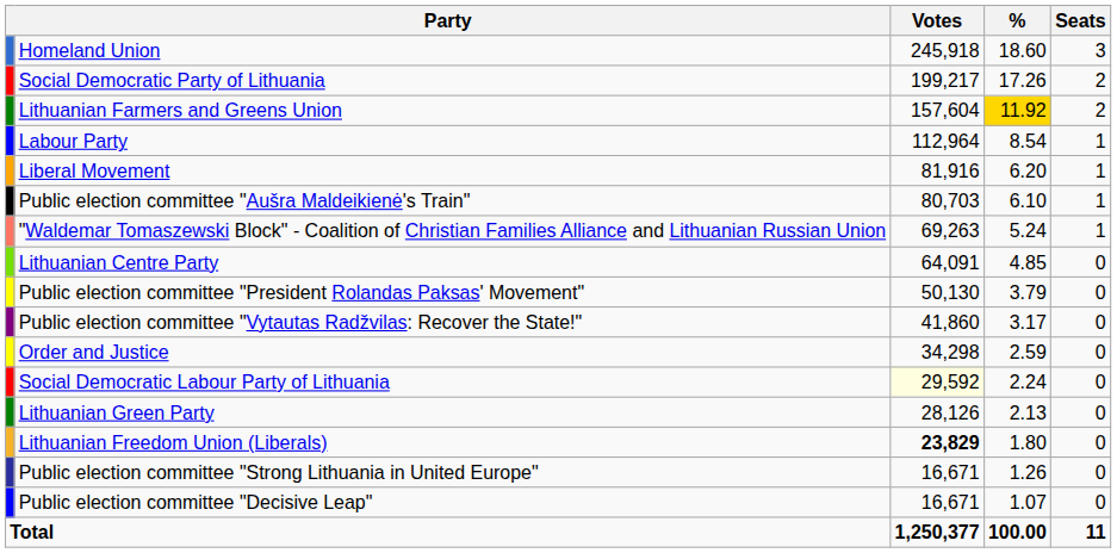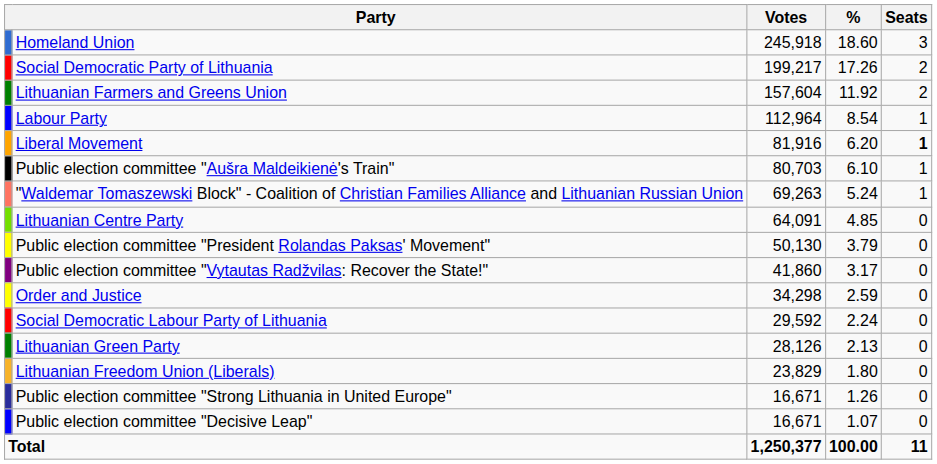 <table class="wikitable" style="font-size:95%">
 <tr>
 <th colspan=2>Party</th>
 <th>Votes</th>
 <th>%</th>
 <th>Seats</th>
 </tr>
 <tr>
 <td bgcolor="#2F6CD1"></td>
 <td><a href='#'>Homeland Union</a></td>
 <td align=right>245,918</td>
 <td align=right>18.60</td>
 <td align=right>3</td>
 </tr>
 <tr>
 <td bgcolor="red"></td>
 <td><a href='#'>Social Democratic Party of Lithuania</a></td>
 <td align=right>199,217</td>
 <td align=right>17.26</td>
 <td align=right>2</td>
 </tr>
 <tr>
 <td bgcolor="green"></td>
 <td><a href='#'>Lithuanian Farmers and Greens Union</a></td>
 <td align=right>157,604</td>
-<td align=right style="background: gold;">11.92</td>
+<td align=right>11.92</td>
 <td align=right>2</td>
 </tr>
 <tr>
 <td bgcolor="blue"></td>
 <td><a href='#'>Labour Party</a></td>
 <td align=right>112,964</td>
 <td align=right>8.54</td>
 <td align=right>1</td>
 </tr>
 <tr>
 <td bgcolor="orange"></td>
 <td><a href='#'>Liberal Movement</a></td>
 <td align=right>81,916</td>
 <td align=right>6.20</td>
-<td align=right>1</td>
+<td align=right><strong>1</strong></td>
 </tr>
 <tr>
 <td bgcolor="black"></td>
 <td>Public election committee "<a href='#'>Aušra Maldeikienė</a>'s Train"</td>
 <td align=right>80,703</td>
 <td align=right>6.10</td>
 <td align=right>1</td>
 </tr>
 <tr>
 <td bgcolor="#FF7462"></td>
 <td>"<a href='#'>Waldemar Tomaszewski</a> Block" - Coalition of <a href='#'>Christian Families Alliance</a> and <a href='#'>Lithuanian Russian Union</a></td>
 <td align=right>69,263</td>
 <td align=right>5.24</td>
 <td align=right>1</td>
 </tr>
 <tr>
 <td bgcolor="#74DF00"></td>
 <td><a href='#'>Lithuanian Centre Party</a></td>
 <td align=right>64,091</td>
 <td align=right>4.85</td>
 <td align=right>0</td>
 </tr>
 <tr>
 <td bgcolor="yellow"></td>
 <td>Public election committee "President <a href='#'>Rolandas Paksas</a>' Movement"</td>
 <td align=right>50,130</td>
 <td align=right>3.79</td>
 <td align=right>0</td>
 </tr>
 <tr>
 <td bgcolor="purple"></td>
 <td>Public election committee "<a href='#'>Vytautas Radžvilas</a>: Recover the State!"</td>
 <td align=right>41,860</td>
 <td align=right>3.17</td>
 <td align=right>0</td>
 </tr>
 <tr>
 <td bgcolor="yellow"></td>
 <td><a href='#'>Order and Justice</a></td>
 <td align=right>34,298</td>
 <td align=right>2.59</td>
 <td align=right>0</td>
 </tr>
 <tr>
 <td bgcolor="red"></td>
 <td><a href='#'>Social Democratic Labour Party of Lithuania</a></td>
-<td align=right style="background: lightyellow;">29,592</td>
+<td align=right>29,592</td>
 <td align=right>2.24</td>
 <td align=right>0</td>
 </tr>
 <tr>
 <td bgcolor="green"></td>
 <td><a href='#'>Lithuanian Green Party</a></td>
 <td align=right>28,126</td>
 <td align=right>2.13</td>
 <td align=right>0</td>
 </tr>
 <tr>
 <td bgcolor="#F7B329"></td>
 <td><a href='#'>Lithuanian Freedom Union (Liberals)</a></td>
-<td align=right><strong>23,829</strong></td>
+<td align=right>23,829</td>
 <td align=right>1.80</td>
 <td align=right>0</td>
 </tr>
 <tr>
 <td bgcolor="#2A2D9C"></td>
 <td>Public election committee "Strong Lithuania in United Europe"</td>
 <td align=right>16,671</td>
 <td align=right>1.26</td>
 <td align=right>0</td>
 </tr>
 <tr>
 <td bgcolor="blue"></td>
 <td>Public election committee "Decisive Leap"</td>
 <td align=right>16,671</td>
 <td align=right>1.07</td>
 <td align=right>0</td>
 </tr>
 <tr>
 <td colspan=2><strong>Total</strong></td>
 <td align=right><strong>1,250,377</strong></td>
 <td align=right><strong>100.00</strong></td>
 <td align=right><strong>11</strong></td>
 </tr>
 </table>
